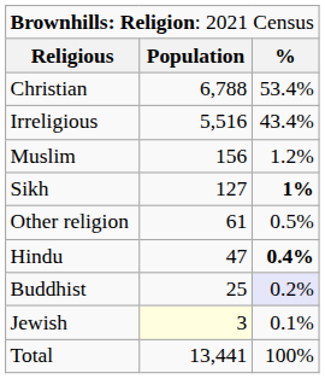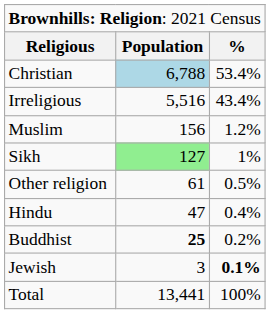 <table class="wikitable">
 <tr>
 <td colspan="14" style="text-align:right;"><strong>Brownhills: Religion</strong>: 2021 Census</td>
 </tr>
 <tr>
 <th>Religious</th>
 <th>Population</th>
 <th>%</th>
 </tr>
 <tr>
 <td>Christian</td>
-<td style="text-align:right;">6,788</td>
+<td style="background: lightblue; text-align:right;">6,788</td>
 <td style="text-align:right;">53.4%</td>
 </tr>
 <tr>
 <td>Irreligious</td>
 <td style="text-align:right;">5,516</td>
 <td style="text-align:right;">43.4%</td>
 </tr>
 <tr>
 <td>Muslim</td>
 <td style="text-align:right;">156</td>
 <td style="text-align:right;">1.2%</td>
 </tr>
 <tr>
 <td>Sikh</td>
-<td style="text-align:right;">127</td>
-<td style="text-align:right;"><strong>1%</strong></td>
+<td style="background: lightgreen; text-align:right;">127</td>
+<td style="text-align:right;">1%</td>
 </tr>
 <tr>
 <td>Other religion</td>
 <td style="text-align:right;">61</td>
 <td style="text-align:right;">0.5%</td>
 </tr>
 <tr>
 <td>Hindu</td>
 <td style="text-align:right;">47</td>
-<td style="text-align:right;"><strong>0.4%</strong></td>
+<td style="text-align:right;">0.4%</td>
 </tr>
 <tr>
 <td>Buddhist</td>
-<td style="text-align:right;">25</td>
-<td style="background: lavender; text-align:right;">0.2%</td>
+<td style="text-align:right;"><strong>25</strong></td>
+<td style="text-align:right;">0.2%</td>
 </tr>
 <tr>
 <td>Jewish</td>
-<td style="background: lightyellow; text-align:right;">3</td>
-<td style="text-align:right;">0.1%</td>
+<td style="text-align:right;">3</td>
+<td style="text-align:right;"><strong>0.1%</strong></td>
 </tr>
 <tr>
 <td>Total</td>
 <td style="text-align:right;">13,441</td>
 <td style="text-align:right;">100%</td>
 </tr>
 </table>
